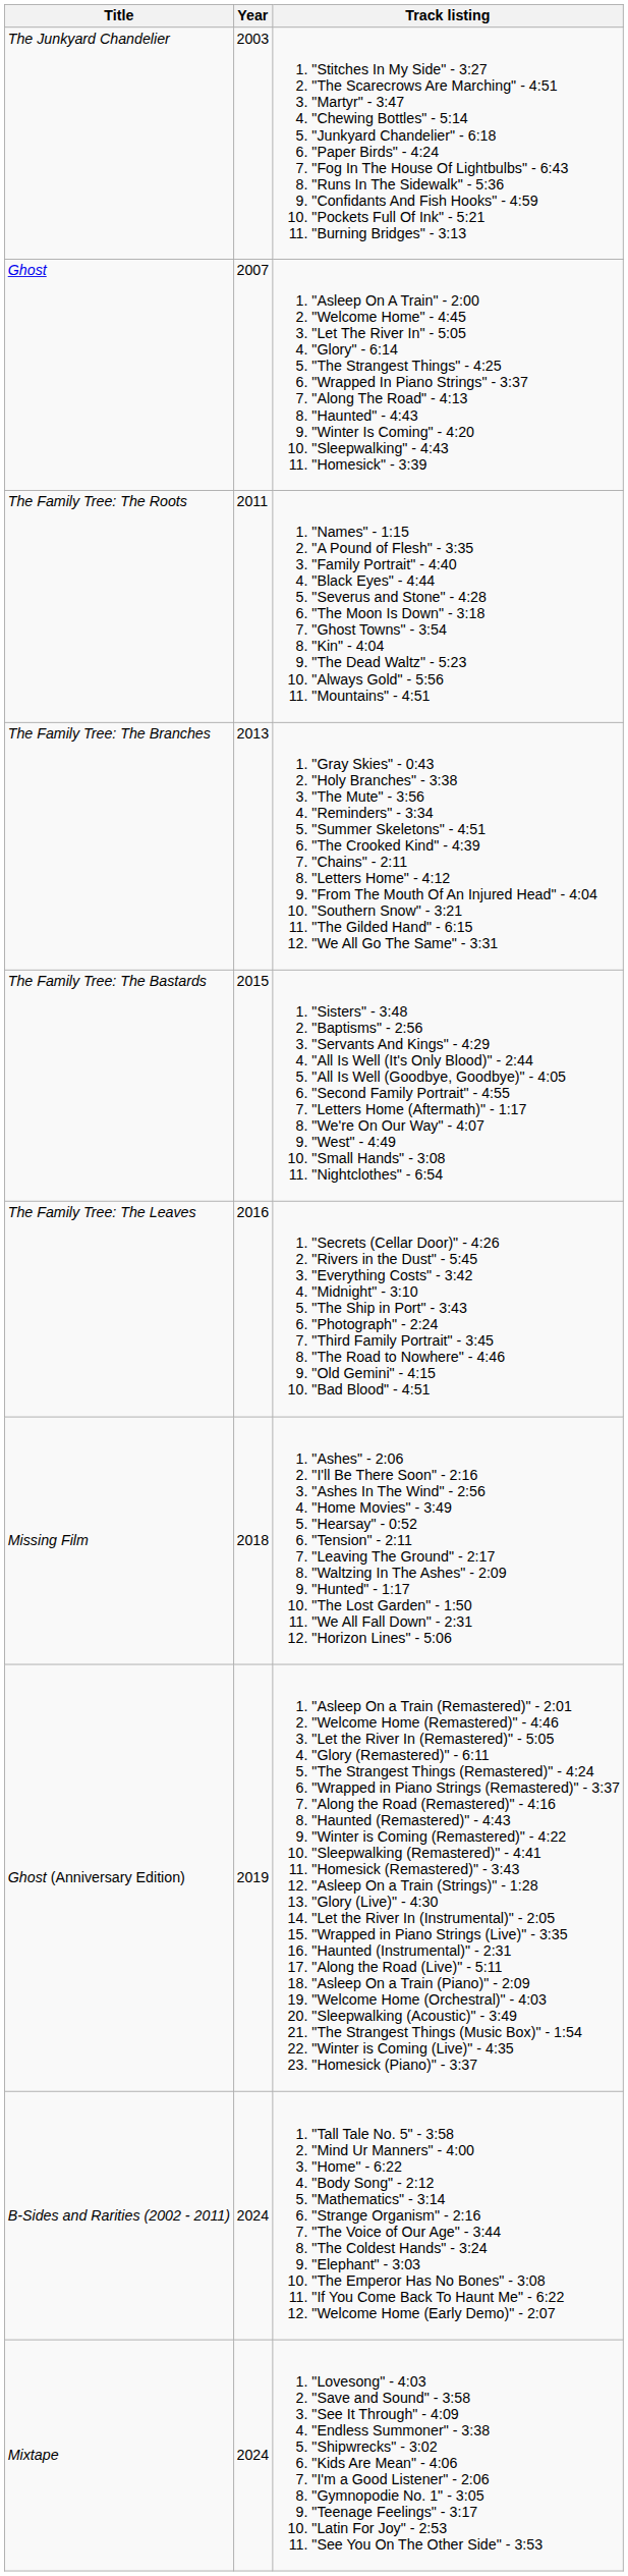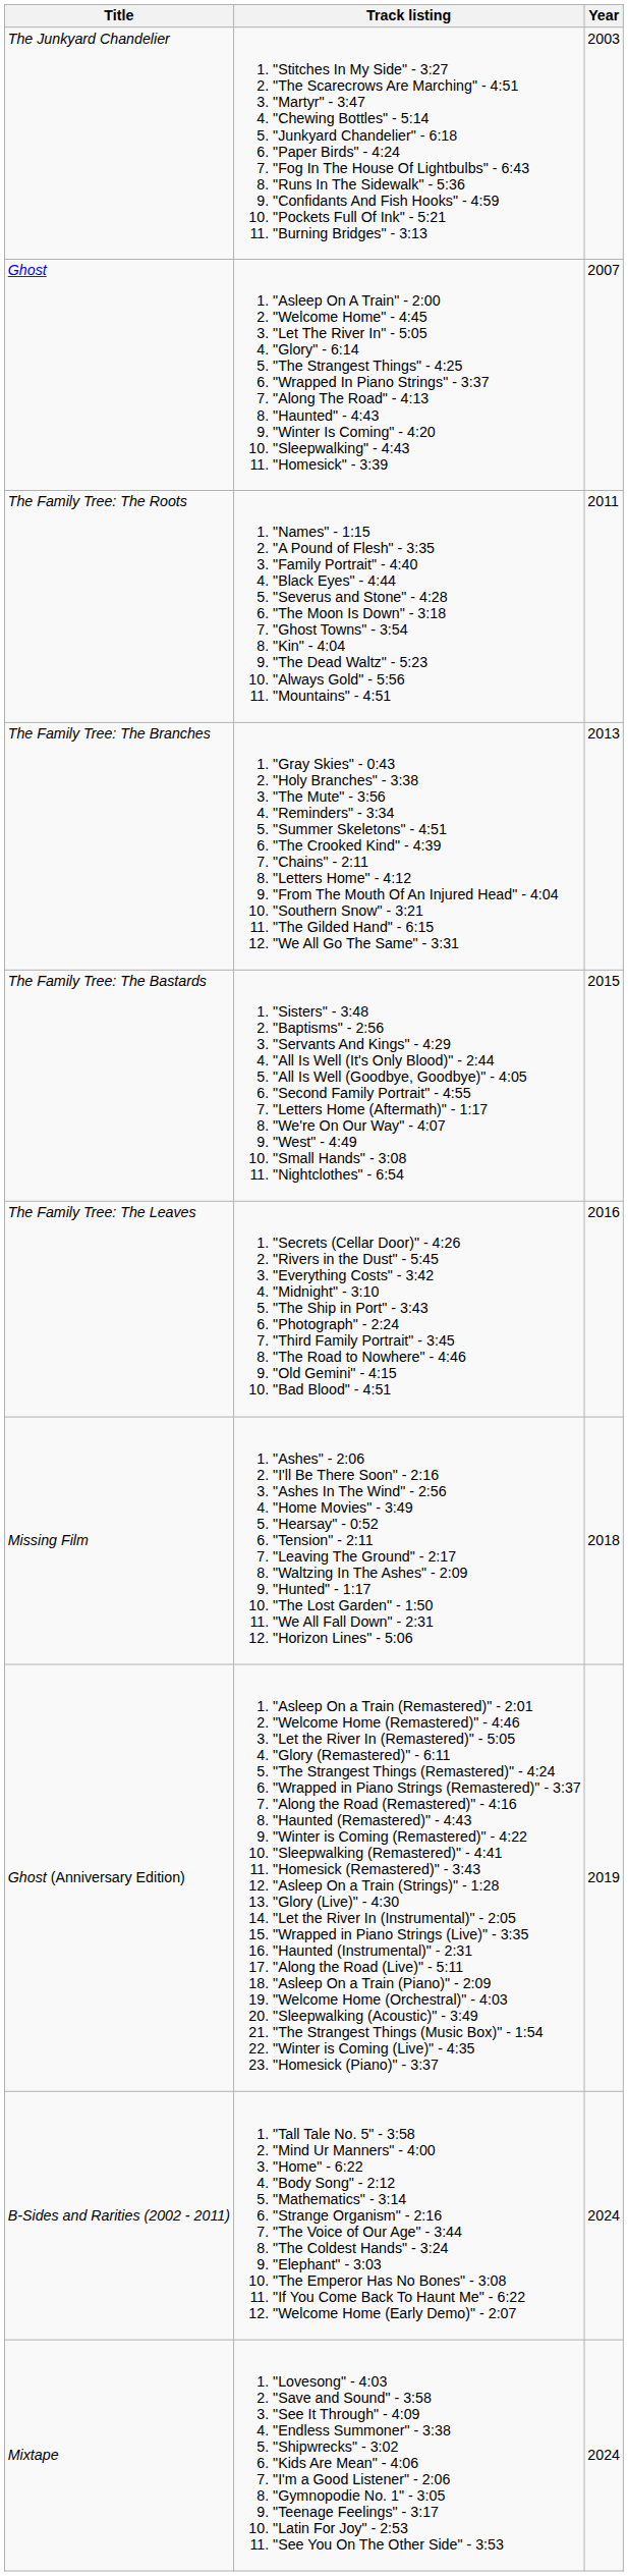 <table class="wikitable">
 <tr>
 <th>Title</th>
+<th>Track listing</th>
 <th>Year</th>
-<th>Track listing</th>
 </tr>
 <tr valign=top>
 <td><em>The Junkyard Chandelier</em></td>
+<td><br><ol><li>"Stitches In My Side" - 3:27</li><li>"The Scarecrows Are Marching" - 4:51</li><li>"Martyr" - 3:47</li><li>"Chewing Bottles" - 5:14</li><li>"Junkyard Chandelier" - 6:18</li><li>"Paper Birds" - 4:24</li><li>"Fog In The House Of Lightbulbs" - 6:43</li><li>"Runs In The Sidewalk" - 5:36</li><li>"Confidants And Fish Hooks" - 4:59</li><li>"Pockets Full Of Ink" - 5:21</li><li>"Burning Bridges" - 3:13</li></ol></td>
 <td>2003</td>
-<td><br><ol><li>"Stitches In My Side" - 3:27</li><li>"The Scarecrows Are Marching" - 4:51</li><li>"Martyr" - 3:47</li><li>"Chewing Bottles" - 5:14</li><li>"Junkyard Chandelier" - 6:18</li><li>"Paper Birds" - 4:24</li><li>"Fog In The House Of Lightbulbs" - 6:43</li><li>"Runs In The Sidewalk" - 5:36</li><li>"Confidants And Fish Hooks" - 4:59</li><li>"Pockets Full Of Ink" - 5:21</li><li>"Burning Bridges" - 3:13</li></ol></td>
 </tr>
 <tr valign=top>
 <td><em><a href='#'>Ghost</a></em></td>
+<td><br><ol><li>"Asleep On A Train" - 2:00</li><li>"Welcome Home" - 4:45</li><li>"Let The River In" - 5:05</li><li>"Glory" - 6:14</li><li>"The Strangest Things" - 4:25</li><li>"Wrapped In Piano Strings" - 3:37</li><li>"Along The Road" - 4:13</li><li>"Haunted" - 4:43</li><li>"Winter Is Coming" - 4:20</li><li>"Sleepwalking" - 4:43</li><li>"Homesick" - 3:39</li></ol></td>
 <td>2007</td>
-<td><br><ol><li>"Asleep On A Train" - 2:00</li><li>"Welcome Home" - 4:45</li><li>"Let The River In" - 5:05</li><li>"Glory" - 6:14</li><li>"The Strangest Things" - 4:25</li><li>"Wrapped In Piano Strings" - 3:37</li><li>"Along The Road" - 4:13</li><li>"Haunted" - 4:43</li><li>"Winter Is Coming" - 4:20</li><li>"Sleepwalking" - 4:43</li><li>"Homesick" - 3:39</li></ol></td>
 </tr>
 <tr valign=top>
 <td><em>The Family Tree: The Roots</em></td>
+<td><br><ol><li>"Names" - 1:15</li><li>"A Pound of Flesh" - 3:35</li><li>"Family Portrait" - 4:40</li><li>"Black Eyes" - 4:44</li><li>"Severus and Stone" - 4:28</li><li>"The Moon Is Down" - 3:18</li><li>"Ghost Towns" - 3:54</li><li>"Kin" - 4:04</li><li>"The Dead Waltz" - 5:23</li><li>"Always Gold" - 5:56</li><li>"Mountains" - 4:51</li></ol></td>
 <td>2011</td>
-<td><br><ol><li>"Names" - 1:15</li><li>"A Pound of Flesh" - 3:35</li><li>"Family Portrait" - 4:40</li><li>"Black Eyes" - 4:44</li><li>"Severus and Stone" - 4:28</li><li>"The Moon Is Down" - 3:18</li><li>"Ghost Towns" - 3:54</li><li>"Kin" - 4:04</li><li>"The Dead Waltz" - 5:23</li><li>"Always Gold" - 5:56</li><li>"Mountains" - 4:51</li></ol></td>
 </tr>
 <tr valign=top>
 <td><em>The Family Tree: The Branches</em></td>
+<td><br><ol><li>"Gray Skies" - 0:43</li><li>"Holy Branches" - 3:38</li><li>"The Mute" - 3:56</li><li>"Reminders" - 3:34</li><li>"Summer Skeletons" - 4:51</li><li>"The Crooked Kind" - 4:39</li><li>"Chains" - 2:11</li><li>"Letters Home" - 4:12</li><li>"From The Mouth Of An Injured Head" - 4:04</li><li>"Southern Snow" - 3:21</li><li>"The Gilded Hand" - 6:15</li><li>"We All Go The Same" - 3:31</li></ol></td>
 <td>2013</td>
-<td><br><ol><li>"Gray Skies" - 0:43</li><li>"Holy Branches" - 3:38</li><li>"The Mute" - 3:56</li><li>"Reminders" - 3:34</li><li>"Summer Skeletons" - 4:51</li><li>"The Crooked Kind" - 4:39</li><li>"Chains" - 2:11</li><li>"Letters Home" - 4:12</li><li>"From The Mouth Of An Injured Head" - 4:04</li><li>"Southern Snow" - 3:21</li><li>"The Gilded Hand" - 6:15</li><li>"We All Go The Same" - 3:31</li></ol></td>
 </tr>
 <tr valign=top>
 <td><em>The Family Tree: The Bastards</em></td>
+<td><br><ol><li>"Sisters" - 3:48</li><li>"Baptisms" - 2:56</li><li>"Servants And Kings" - 4:29</li><li>"All Is Well (It's Only Blood)" - 2:44</li><li>"All Is Well (Goodbye, Goodbye)" - 4:05</li><li>"Second Family Portrait" - 4:55</li><li>"Letters Home (Aftermath)" - 1:17</li><li>"We're On Our Way" - 4:07</li><li>"West" - 4:49</li><li>"Small Hands" - 3:08</li><li>"Nightclothes" - 6:54</li></ol></td>
 <td>2015</td>
-<td><br><ol><li>"Sisters" - 3:48</li><li>"Baptisms" - 2:56</li><li>"Servants And Kings" - 4:29</li><li>"All Is Well (It's Only Blood)" - 2:44</li><li>"All Is Well (Goodbye, Goodbye)" - 4:05</li><li>"Second Family Portrait" - 4:55</li><li>"Letters Home (Aftermath)" - 1:17</li><li>"We're On Our Way" - 4:07</li><li>"West" - 4:49</li><li>"Small Hands" - 3:08</li><li>"Nightclothes" - 6:54</li></ol></td>
 </tr>
 <tr valign=top>
 <td><em>The Family Tree: The Leaves</em></td>
+<td><br><ol><li>"Secrets (Cellar Door)" - 4:26</li><li>"Rivers in the Dust" - 5:45</li><li>"Everything Costs" - 3:42</li><li>"Midnight" - 3:10</li><li>"The Ship in Port" - 3:43</li><li>"Photograph" - 2:24</li><li>"Third Family Portrait" - 3:45</li><li>"The Road to Nowhere" - 4:46</li><li>"Old Gemini" - 4:15</li><li>"Bad Blood" - 4:51</li></ol></td>
 <td>2016</td>
-<td><br><ol><li>"Secrets (Cellar Door)" - 4:26</li><li>"Rivers in the Dust" - 5:45</li><li>"Everything Costs" - 3:42</li><li>"Midnight" - 3:10</li><li>"The Ship in Port" - 3:43</li><li>"Photograph" - 2:24</li><li>"Third Family Portrait" - 3:45</li><li>"The Road to Nowhere" - 4:46</li><li>"Old Gemini" - 4:15</li><li>"Bad Blood" - 4:51</li></ol></td>
 </tr>
 <tr>
 <td><em>Missing Film</em></td>
+<td><br><ol><li>"Ashes" - 2:06</li><li>"I'll Be There Soon" - 2:16</li><li>"Ashes In The Wind" - 2:56</li><li>"Home Movies" - 3:49</li><li>"Hearsay" - 0:52</li><li>"Tension" - 2:11</li><li>"Leaving The Ground" - 2:17</li><li>"Waltzing In The Ashes" - 2:09</li><li>"Hunted" - 1:17</li><li>"The Lost Garden" - 1:50</li><li>"We All Fall Down" - 2:31</li><li>"Horizon Lines" - 5:06</li></ol></td>
 <td>2018</td>
-<td><br><ol><li>"Ashes" - 2:06</li><li>"I'll Be There Soon" - 2:16</li><li>"Ashes In The Wind" - 2:56</li><li>"Home Movies" - 3:49</li><li>"Hearsay" - 0:52</li><li>"Tension" - 2:11</li><li>"Leaving The Ground" - 2:17</li><li>"Waltzing In The Ashes" - 2:09</li><li>"Hunted" - 1:17</li><li>"The Lost Garden" - 1:50</li><li>"We All Fall Down" - 2:31</li><li>"Horizon Lines" - 5:06</li></ol></td>
 </tr>
 <tr>
 <td><em>Ghost</em> (Anniversary Edition)</td>
+<td><br><ol><li>"Asleep On a Train (Remastered)" - 2:01</li><li>"Welcome Home (Remastered)" - 4:46</li><li>"Let the River In (Remastered)" - 5:05</li><li>"Glory (Remastered)" - 6:11</li><li>"The Strangest Things (Remastered)" - 4:24</li><li>"Wrapped in Piano Strings (Remastered)" - 3:37</li><li>"Along the Road (Remastered)" - 4:16</li><li>"Haunted (Remastered)" - 4:43</li><li>"Winter is Coming (Remastered)" - 4:22</li><li>"Sleepwalking (Remastered)" - 4:41</li><li>"Homesick (Remastered)" - 3:43</li><li>"Asleep On a Train (Strings)" - 1:28</li><li>"Glory (Live)" - 4:30</li><li>"Let the River In (Instrumental)" - 2:05</li><li>"Wrapped in Piano Strings (Live)" - 3:35</li><li>"Haunted (Instrumental)" - 2:31</li><li>"Along the Road (Live)" - 5:11</li><li>"Asleep On a Train (Piano)" - 2:09</li><li>"Welcome Home (Orchestral)" - 4:03</li><li>"Sleepwalking (Acoustic)" - 3:49</li><li>"The Strangest Things (Music Box)" - 1:54</li><li>"Winter is Coming (Live)" - 4:35</li><li>"Homesick (Piano)" - 3:37</li></ol></td>
 <td>2019</td>
-<td><br><ol><li>"Asleep On a Train (Remastered)" - 2:01</li><li>"Welcome Home (Remastered)" - 4:46</li><li>"Let the River In (Remastered)" - 5:05</li><li>"Glory (Remastered)" - 6:11</li><li>"The Strangest Things (Remastered)" - 4:24</li><li>"Wrapped in Piano Strings (Remastered)" - 3:37</li><li>"Along the Road (Remastered)" - 4:16</li><li>"Haunted (Remastered)" - 4:43</li><li>"Winter is Coming (Remastered)" - 4:22</li><li>"Sleepwalking (Remastered)" - 4:41</li><li>"Homesick (Remastered)" - 3:43</li><li>"Asleep On a Train (Strings)" - 1:28</li><li>"Glory (Live)" - 4:30</li><li>"Let the River In (Instrumental)" - 2:05</li><li>"Wrapped in Piano Strings (Live)" - 3:35</li><li>"Haunted (Instrumental)" - 2:31</li><li>"Along the Road (Live)" - 5:11</li><li>"Asleep On a Train (Piano)" - 2:09</li><li>"Welcome Home (Orchestral)" - 4:03</li><li>"Sleepwalking (Acoustic)" - 3:49</li><li>"The Strangest Things (Music Box)" - 1:54</li><li>"Winter is Coming (Live)" - 4:35</li><li>"Homesick (Piano)" - 3:37</li></ol></td>
 </tr>
 <tr>
 <td><em>B-Sides and Rarities (2002 - 2011)</em></td>
+<td><br><ol><li>"Tall Tale No. 5" - 3:58</li><li>"Mind Ur Manners" - 4:00</li><li>"Home" - 6:22</li><li>"Body Song" - 2:12</li><li>"Mathematics" - 3:14</li><li>"Strange Organism" - 2:16</li><li>"The Voice of Our Age" - 3:44</li><li>"The Coldest Hands" - 3:24</li><li>"Elephant" - 3:03</li><li>"The Emperor Has No Bones" - 3:08</li><li>"If You Come Back To Haunt Me" - 6:22</li><li>"Welcome Home (Early Demo)" - 2:07</li></ol></td>
 <td>2024</td>
-<td><br><ol><li>"Tall Tale No. 5" - 3:58</li><li>"Mind Ur Manners" - 4:00</li><li>"Home" - 6:22</li><li>"Body Song" - 2:12</li><li>"Mathematics" - 3:14</li><li>"Strange Organism" - 2:16</li><li>"The Voice of Our Age" - 3:44</li><li>"The Coldest Hands" - 3:24</li><li>"Elephant" - 3:03</li><li>"The Emperor Has No Bones" - 3:08</li><li>"If You Come Back To Haunt Me" - 6:22</li><li>"Welcome Home (Early Demo)" - 2:07</li></ol></td>
 </tr>
 <tr>
 <td><em>Mixtape</em></td>
+<td><br><ol><li>"Lovesong" - 4:03</li><li>"Save and Sound" - 3:58</li><li>"See It Through" - 4:09</li><li>"Endless Summoner" - 3:38</li><li>"Shipwrecks" - 3:02</li><li>"Kids Are Mean" - 4:06</li><li>"I'm a Good Listener" - 2:06</li><li>"Gymnopodie No. 1" - 3:05</li><li>"Teenage Feelings" - 3:17</li><li>"Latin For Joy" - 2:53</li><li>"See You On The Other Side" - 3:53</li></ol></td>
 <td>2024</td>
-<td><br><ol><li>"Lovesong" - 4:03</li><li>"Save and Sound" - 3:58</li><li>"See It Through" - 4:09</li><li>"Endless Summoner" - 3:38</li><li>"Shipwrecks" - 3:02</li><li>"Kids Are Mean" - 4:06</li><li>"I'm a Good Listener" - 2:06</li><li>"Gymnopodie No. 1" - 3:05</li><li>"Teenage Feelings" - 3:17</li><li>"Latin For Joy" - 2:53</li><li>"See You On The Other Side" - 3:53</li></ol></td>
 </tr>
 </table>
